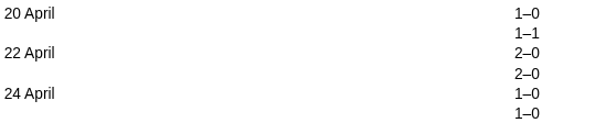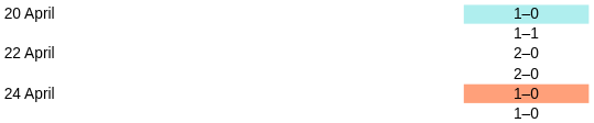 <table cellspacing=1 width=70%>
 <tr>
 <th width=25%></th>
 <th width=30%></th>
 <th width=15%></th>
 <th width=30%></th>
 </tr>
 <tr>
 <td>20 April</td>
 <td align=right></td>
-<td align=center>1–0</td>
+<td align=center style="background: paleturquoise;">1–0</td>
 <td></td>
 </tr>
 <tr>
 <td></td>
 <td align=right></td>
 <td align=center>1–1</td>
 <td></td>
 </tr>
 <tr>
 <td>22 April</td>
 <td align=right></td>
 <td align=center>2–0</td>
 <td></td>
 </tr>
 <tr>
 <td></td>
 <td align=right></td>
 <td align=center>2–0</td>
 <td></td>
 </tr>
 <tr>
 <td>24 April</td>
 <td align=right></td>
-<td align=center>1–0</td>
+<td align=center style="background: lightsalmon;">1–0</td>
 <td></td>
 </tr>
 <tr>
 <td></td>
 <td align=right></td>
 <td align=center>1–0</td>
 <td></td>
 </tr>
 </table>
